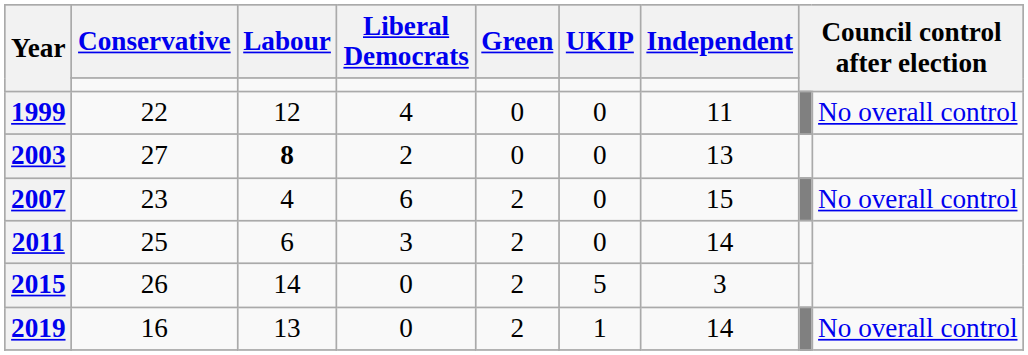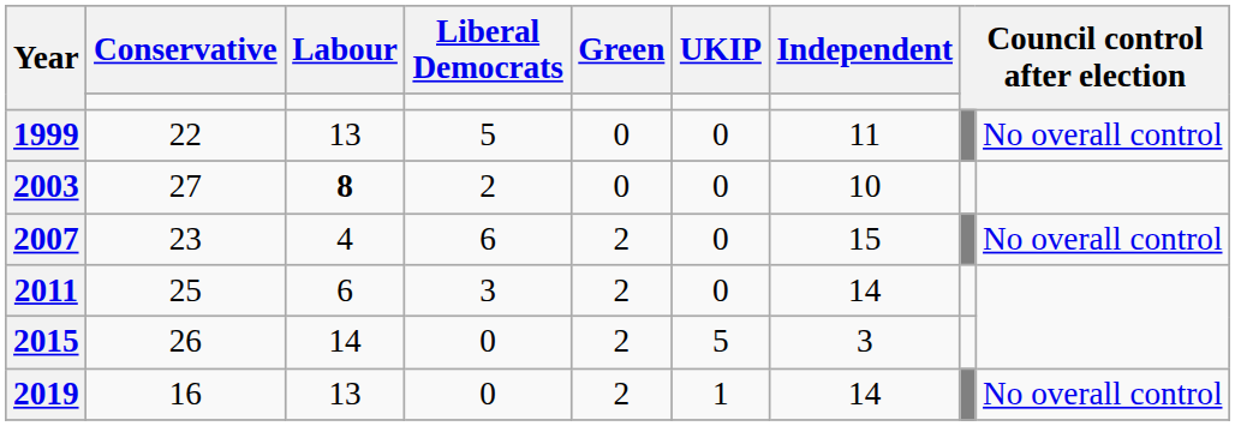 <table class="wikitable plainrowheaders" style="text-align:center">
 <tr>
 <th scope="col" rowspan="2">Year</th>
 <th scope="col"><a href='#'>Conservative</a></th>
 <th scope="col"><a href='#'>Labour</a></th>
 <th scope="col" style="width:1px"><a href='#'>Liberal Democrats</a></th>
 <th scope="col"><a href='#'>Green</a></th>
 <th scope="col"><a href='#'>UKIP</a></th>
 <th scope="col"><a href='#'>Independent</a></th>
 <th scope="col" rowspan="2" colspan="2">Council control<br>after election</th>
 </tr>
 <tr>
 <td style="background:"></td>
 <td style="background:"></td>
 <td style="background:"></td>
 <td style="background:"></td>
 <td style="background:"></td>
 <td style="background:"></td>
 </tr>
 <tr>
 <th scope="row"><a href='#'>1999</a></th>
 <td>22</td>
-<td>12</td>
-<td>4</td>
+<td>13</td>
+<td>5</td>
 <td>0</td>
 <td>0</td>
 <td>11</td>
 <td bgcolor=grey></td>
 <td><a href='#'>No overall control</a></td>
 </tr>
 <tr>
 <th scope="row"><a href='#'>2003</a></th>
 <td>27</td>
 <td><strong>8</strong></td>
 <td>2</td>
 <td>0</td>
 <td>0</td>
-<td>13</td>
+<td>10</td>
 <td></td>
 </tr>
 <tr>
 <th scope="row"><a href='#'>2007</a></th>
 <td>23</td>
 <td>4</td>
 <td>6</td>
 <td>2</td>
 <td>0</td>
 <td>15</td>
 <td bgcolor=grey></td>
 <td><a href='#'>No overall control</a></td>
 </tr>
 <tr>
 <th scope="row"><a href='#'>2011</a></th>
 <td>25</td>
 <td>6</td>
 <td>3</td>
 <td>2</td>
 <td>0</td>
 <td>14</td>
 <td></td>
 </tr>
 <tr>
 <th scope="row"><a href='#'>2015</a></th>
 <td>26</td>
 <td>14</td>
 <td>0</td>
 <td>2</td>
 <td>5</td>
 <td>3</td>
 <td></td>
 </tr>
 <tr>
 <th scope="row"><a href='#'>2019</a></th>
 <td>16</td>
 <td>13</td>
 <td>0</td>
 <td>2</td>
 <td>1</td>
 <td>14</td>
 <td bgcolor=grey></td>
 <td><a href='#'>No overall control</a></td>
 </tr>
 </table>
